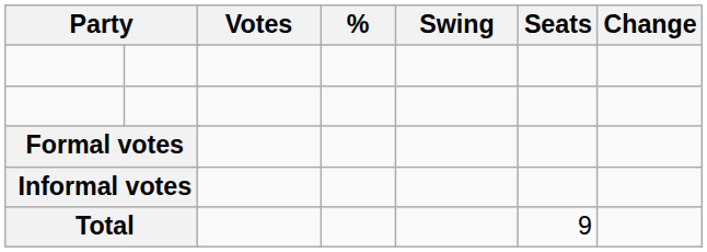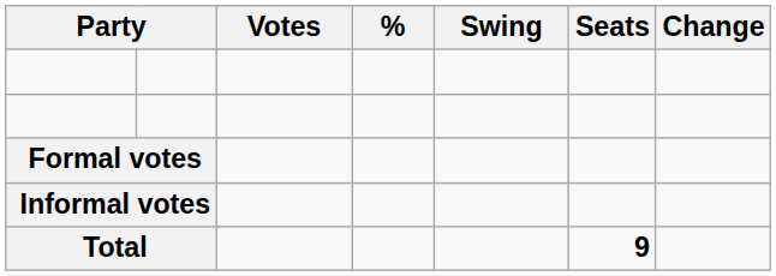 <table class="wikitable" style="text-align:right; margin-bottom:0">
 <tr>
 <th style="width:10px" colspan=3>Party</th>
 <th style="width:70px;">Votes</th>
 <th style="width:40px;">%</th>
 <th style="width:70px;">Swing</th>
 <th style="width:40px;">Seats</th>
 <th style="width:40px;">Change</th>
 </tr>
 <tr>
 <td> </td>
 <td style="text-align:left;" colspan="2"></td>
 <td style="width:70px;"></td>
 <td style="width:40px;"></td>
 <td style="width:55px;"></td>
 <td style="width:40px;"></td>
 <td style="width:55px;"></td>
 </tr>
 <tr>
 <td> </td>
 <td style="text-align:left;" colspan="2"></td>
 <td style="width:70px;"></td>
 <td style="width:40px;"></td>
 <td style="width:55px;"></td>
 <td style="width:40px;"></td>
 <td style="width:55px;"></td>
 </tr>
 <tr>
 <th colspan="3" rowspan="1"> Formal votes</th>
 <td></td>
 <td></td>
 <td></td>
 <td></td>
 <td></td>
 </tr>
 <tr>
 <th colspan="3" rowspan="1"> Informal votes</th>
 <td></td>
 <td></td>
 <td></td>
 <td></td>
 <td></td>
 </tr>
 <tr>
 <th colspan="3" rowspan="1"> <strong>Total </strong></th>
 <td></td>
 <td></td>
 <td></td>
-<td>9</td>
+<td><strong>9</strong></td>
 <td></td>
 </tr>
 </table>
